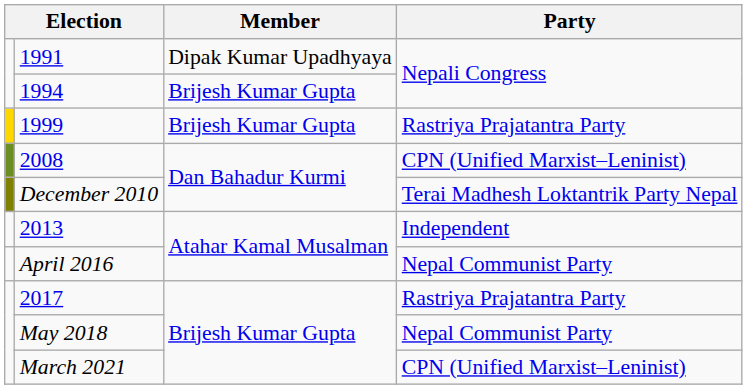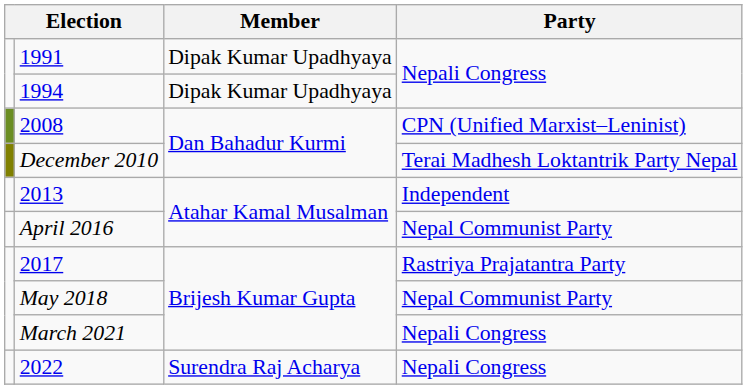 <table class="wikitable">
 <tr>
 <th colspan="2">Election</th>
 <th>Member</th>
 <th>Party</th>
 </tr>
 <tr>
 <td rowspan="2" style="background-color:"></td>
 <td><a href='#'>1991</a></td>
 <td>Dipak Kumar Upadhyaya</td>
 <td rowspan="2"><a href='#'>Nepali Congress</a></td>
 </tr>
 <tr>
 <td><a href='#'>1994</a></td>
-<td><a href='#'>Brijesh Kumar Gupta</a></td>
-</tr>
-<tr>
-<td style="background-color:gold"></td>
-<td><a href='#'>1999</a></td>
-<td><a href='#'>Brijesh Kumar Gupta</a></td>
-<td><a href='#'>Rastriya Prajatantra Party</a></td>
+<td>Dipak Kumar Upadhyaya</td>
 </tr>
 <tr>
 <td style="background-color:olivedrab"></td>
 <td><a href='#'>2008</a></td>
 <td rowspan="2"><a href='#'>Dan Bahadur Kurmi</a></td>
 <td><a href='#'>CPN (Unified Marxist–Leninist)</a></td>
 </tr>
 <tr>
 <td style="background-color:olive"></td>
 <td><em>December 2010</em></td>
 <td><a href='#'>Terai Madhesh Loktantrik Party Nepal</a></td>
 </tr>
 <tr>
 <td style="background-color:"></td>
 <td><a href='#'>2013</a></td>
 <td rowspan="2"><a href='#'>Atahar Kamal Musalman</a></td>
 <td><a href='#'>Independent</a></td>
 </tr>
 <tr>
 <td style="background-color:"></td>
 <td><em>April 2016</em></td>
 <td><a href='#'>Nepal Communist Party</a></td>
 </tr>
 <tr>
 <td rowspan="3" style="background-color:"></td>
 <td><a href='#'>2017</a></td>
 <td rowspan="3"><a href='#'>Brijesh Kumar Gupta</a></td>
 <td><a href='#'>Rastriya Prajatantra Party</a></td>
 </tr>
 <tr>
 <td><em>May 2018</em></td>
 <td><a href='#'>Nepal Communist Party</a></td>
 </tr>
 <tr>
 <td><em>March 2021</em></td>
-<td><a href='#'>CPN (Unified Marxist–Leninist)</a></td>
+<td><a href='#'>Nepali Congress</a></td>
+</tr>
+<tr>
+<td style="background-color:"></td>
+<td><a href='#'>2022</a></td>
+<td><a href='#'>Surendra Raj Acharya</a></td>
+<td><a href='#'>Nepali Congress</a></td>
 </tr>
 </table>
